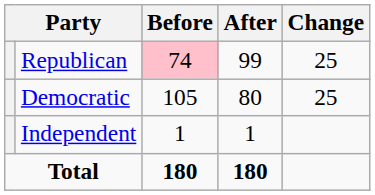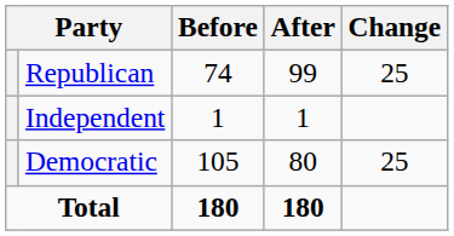 <table class="wikitable" style="text-align:center;">
 <tr>
 <th colspan="2">Party</th>
 <th>Before</th>
 <th>After</th>
 <th>Change</th>
 </tr>
 <tr>
 <th style="background-color:"></th>
 <td style="text-align:left;"><a href='#'>Republican</a></td>
-<td style="background: pink;">74</td>
+<td>74</td>
 <td>99</td>
-<td> 25</td>
-</tr>
-<tr>
-<th style="background-color:"></th>
-<td style="text-align:left;"><a href='#'>Democratic</a></td>
-<td>105</td>
-<td>80</td>
 <td> 25</td>
 </tr>
 <tr>
 <th style="background-color:"></th>
 <td style="text-align:left;"><a href='#'>Independent</a></td>
 <td>1</td>
 <td>1</td>
 <td></td>
 </tr>
 <tr>
+<th style="background-color:"></th>
+<td style="text-align:left;"><a href='#'>Democratic</a></td>
+<td>105</td>
+<td>80</td>
+<td> 25</td>
+</tr>
+<tr>
 <td colspan="2"><strong>Total</strong></td>
 <td><strong>180</strong></td>
 <td><strong>180</strong></td>
 <td></td>
 </tr>
 </table>
